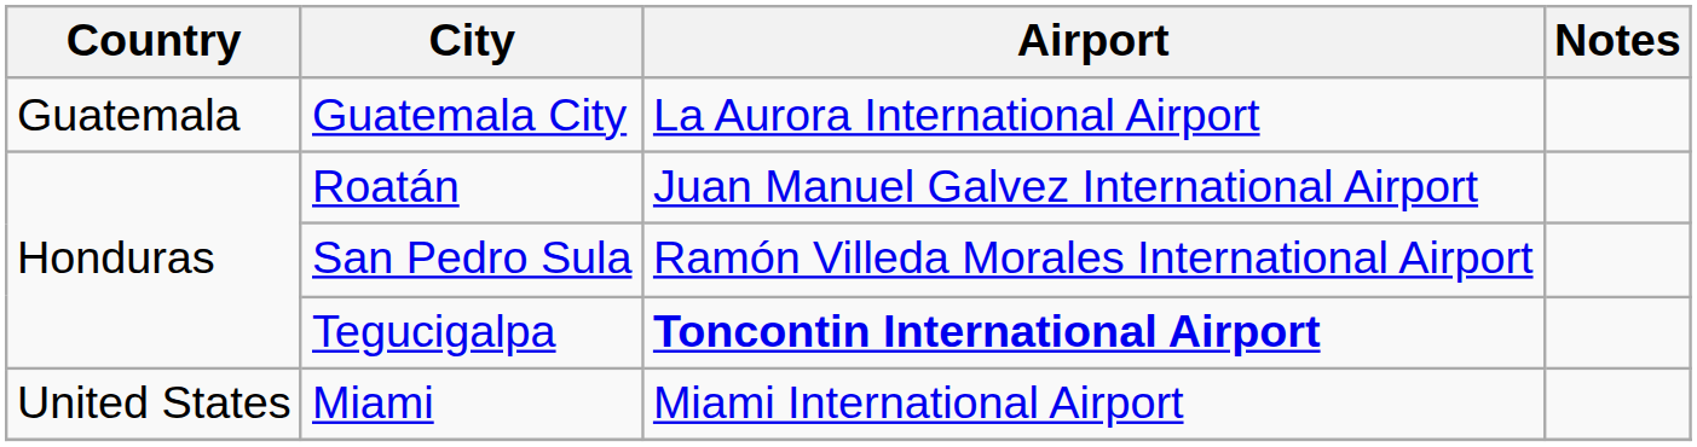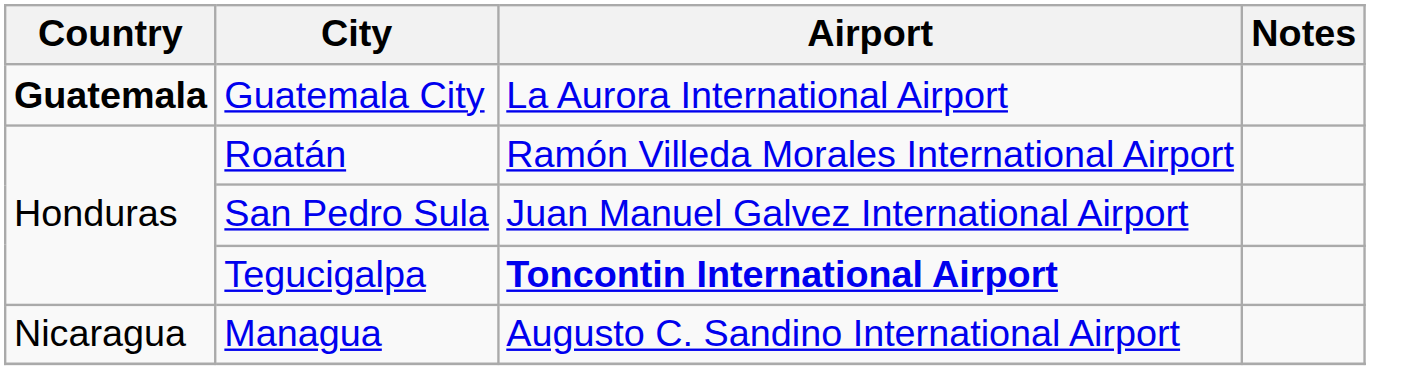 <table class="sortable wikitable">
 <tr>
 <th>Country</th>
 <th>City</th>
 <th>Airport</th>
 <th>Notes</th>
 </tr>
 <tr>
-<td>Guatemala</td>
+<td><strong>Guatemala</strong></td>
 <td><a href='#'>Guatemala City</a></td>
 <td><a href='#'>La Aurora International Airport</a></td>
 <td align=center></td>
 </tr>
 <tr>
 <td rowspan=3>Honduras</td>
 <td><a href='#'>Roatán</a></td>
-<td><a href='#'>Juan Manuel Galvez International Airport</a></td>
+<td><a href='#'>Ramón Villeda Morales International Airport</a></td>
 <td></td>
 </tr>
 <tr>
 <td><a href='#'>San Pedro Sula</a></td>
-<td><a href='#'>Ramón Villeda Morales International Airport</a></td>
+<td><a href='#'>Juan Manuel Galvez International Airport</a></td>
 <td align=center></td>
 </tr>
 <tr>
 <td><a href='#'>Tegucigalpa</a></td>
 <td><strong><a href='#'>Toncontin International Airport</a></strong></td>
 <td></td>
 </tr>
 <tr>
-<td>United States</td>
-<td><a href='#'>Miami</a></td>
-<td><a href='#'>Miami International Airport</a></td>
+<td>Nicaragua</td>
+<td><a href='#'>Managua</a></td>
+<td><a href='#'>Augusto C. Sandino International Airport</a></td>
 <td></td>
 </tr>
 <tr>
 </tr>
 </table>
